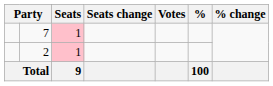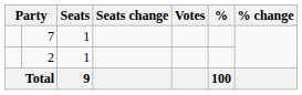 <table class="wikitable sortable">
 <tr>
 <th colspan=2>Party</th>
 <th>Seats</th>
 <th>Seats change</th>
 <th>Votes</th>
 <th>%</th>
 <th>% change</th>
 </tr>
 <tr>
 <td></td>
 <td align=right>7</td>
-<td align=right style="background: pink;">1</td>
+<td align=right>1</td>
 <td align=right></td>
 <td align=right></td>
 <td align=right></td>
 </tr>
 <tr>
 <td></td>
 <td align=right>2</td>
-<td align=right style="background: pink;">1</td>
+<td align=right>1</td>
 <td align=right></td>
 <td align=right></td>
 <td align=right></td>
 </tr>
 <tr class="sortbottom" style="font-weight: bold; text-align: right; background: #f2f2f2;">
 <th colspan="2" style="padding-left: 1.5em; text-align: left;">Total</th>
 <td align=right>9</td>
 <td align=right></td>
 <td align=right></td>
 <td align=right>100</td>
 <td align=right></td>
 </tr>
 </table>
